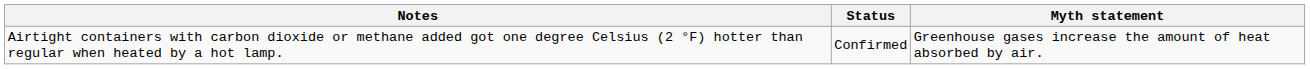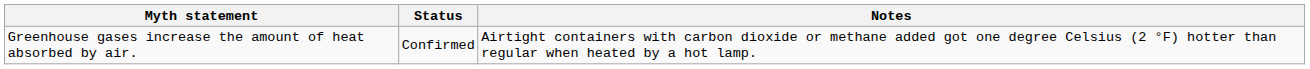 <table class="wikitable">
 <tr>
+<th>Myth statement</th>
+<th>Status</th>
 <th>Notes</th>
-<th>Status</th>
-<th>Myth statement</th>
 </tr>
 <tr>
+<td>Greenhouse gases increase the amount of heat absorbed by air.</td>
+<td><span> Confirmed </span></td>
 <td>Airtight containers with carbon dioxide or methane added got one degree Celsius (2 °F) hotter than regular when heated by a hot lamp.</td>
-<td><span> Confirmed </span></td>
-<td>Greenhouse gases increase the amount of heat absorbed by air.</td>
 </tr>
 </table>
